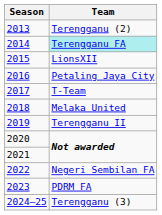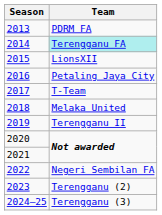 <table class="wikitable sortable" style="font-size: 85%;">
 <tr>
 <th>Season</th>
 <th>Team</th>
 </tr>
 <tr>
 <td><a href='#'>2013</a></td>
-<td> <a href='#'>Terengganu</a> (2)</td>
+<td> <a href='#'>PDRM FA</a></td>
 </tr>
 <tr>
 <td><a href='#'>2014</a></td>
 <td style="background: paleturquoise;"> <a href='#'>Terengganu FA</a></td>
 </tr>
 <tr>
 <td><a href='#'>2015</a></td>
 <td> <a href='#'>LionsXII</a></td>
 </tr>
 <tr>
 <td><a href='#'>2016</a></td>
 <td> <a href='#'>Petaling Jaya City</a></td>
 </tr>
 <tr>
 <td><a href='#'>2017</a></td>
 <td> <a href='#'>T-Team</a></td>
 </tr>
 <tr>
 <td><a href='#'>2018</a></td>
 <td> <a href='#'>Melaka United</a></td>
 </tr>
 <tr>
 <td><a href='#'>2019</a></td>
 <td> <a href='#'>Terengganu II</a></td>
 </tr>
 <tr>
 <td>2020</td>
 <td rowspan="2"><strong><em>Not awarded</em></strong></td>
 </tr>
 <tr>
 <td>2021</td>
 </tr>
 <tr>
 <td><a href='#'>2022</a></td>
 <td> <a href='#'>Negeri Sembilan FA</a></td>
 </tr>
 <tr>
 <td><a href='#'>2023</a></td>
-<td> <a href='#'>PDRM FA</a></td>
+<td> <a href='#'>Terengganu</a> (2)</td>
 </tr>
 <tr>
 <td><a href='#'>2024–25</a></td>
 <td> <a href='#'>Terengganu</a> (3)</td>
 </tr>
 </table>
